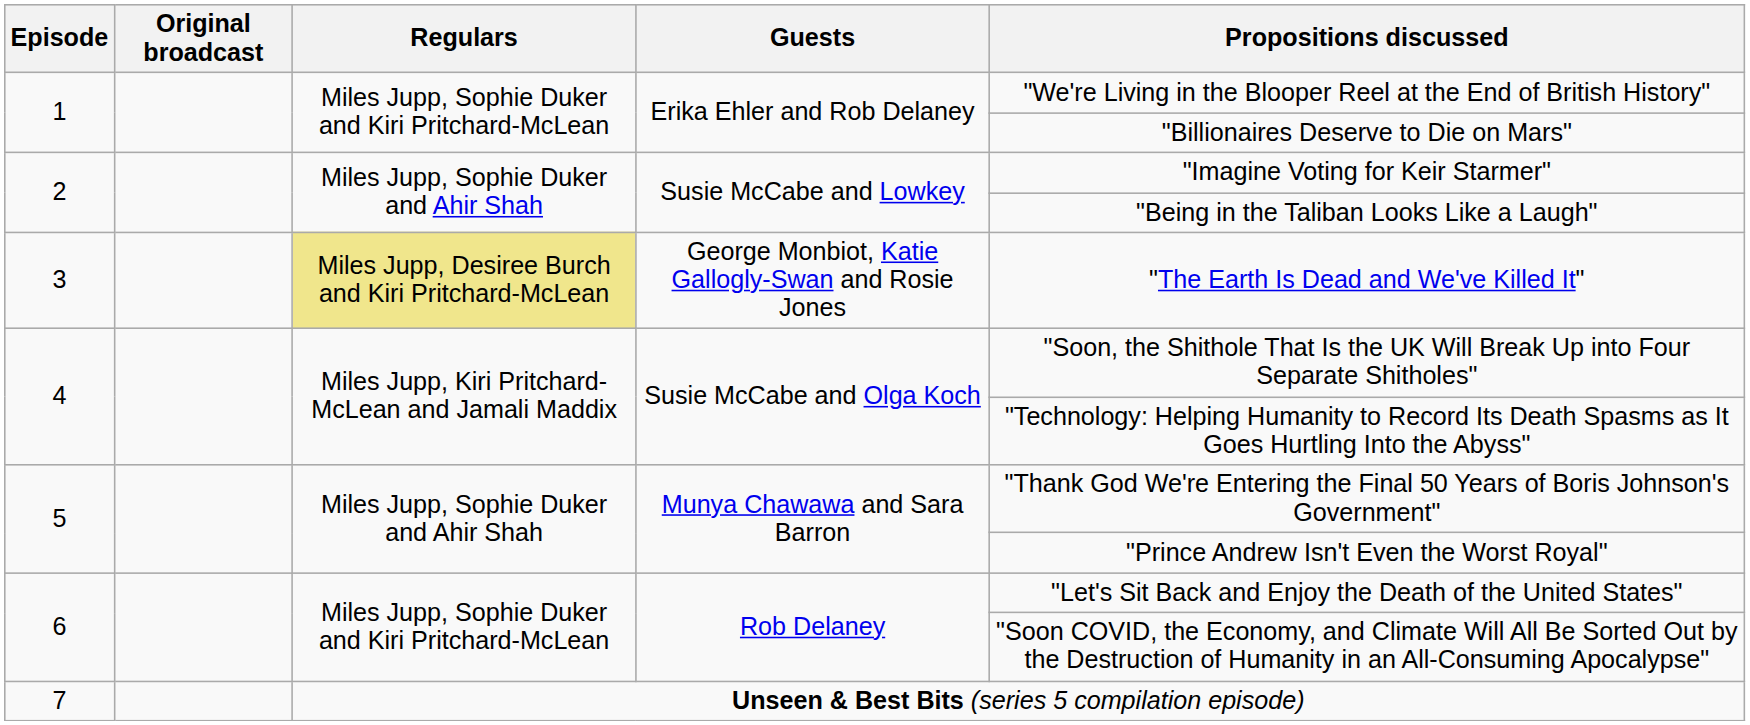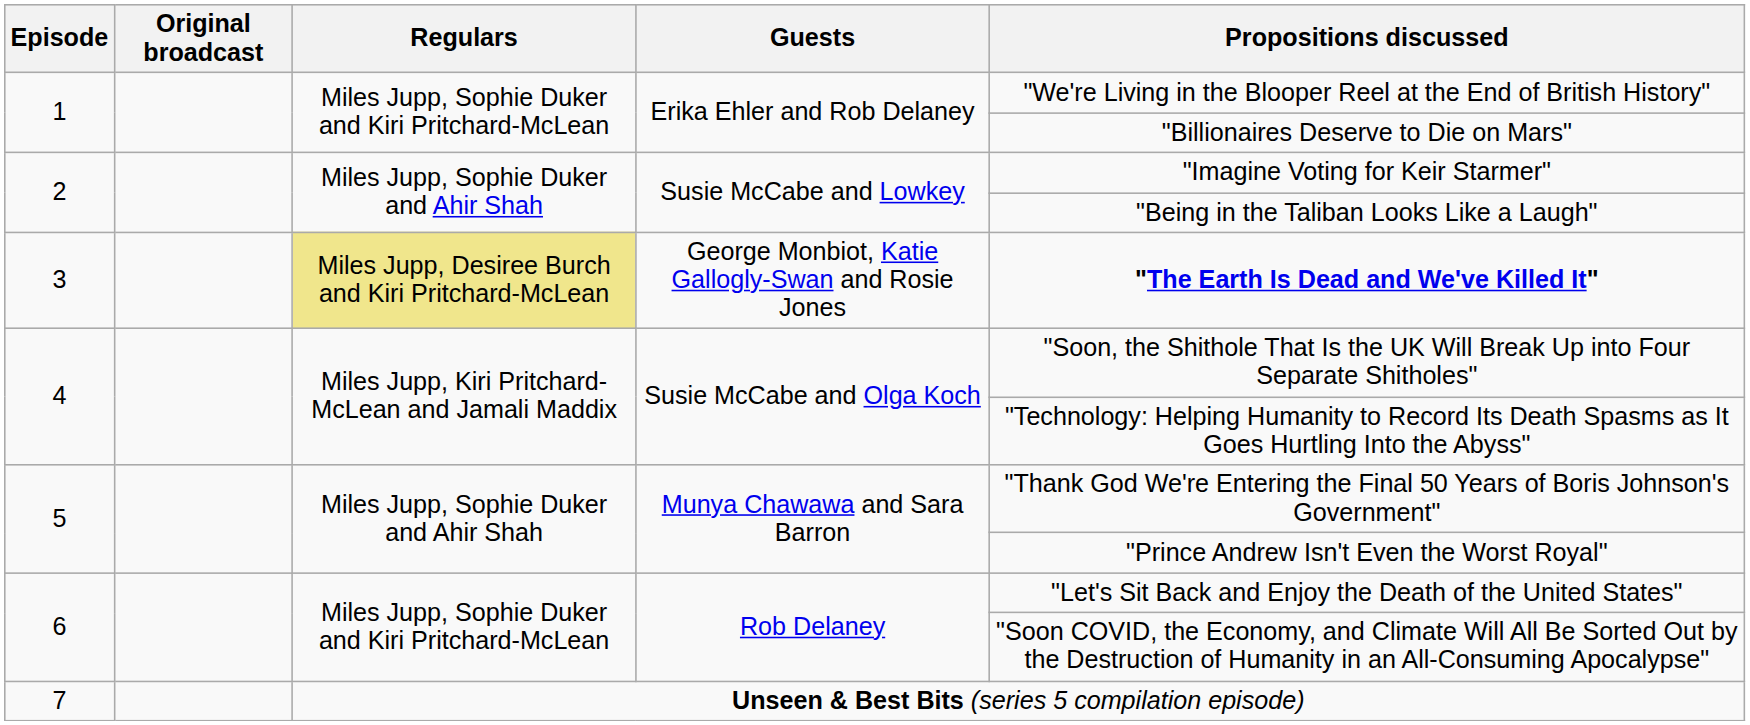 <table class="wikitable" style="text-align:center; width:70%;">
 <tr>
 <th>Episode</th>
 <th>Original broadcast</th>
 <th>Regulars</th>
 <th>Guests</th>
 <th>Propositions discussed</th>
 </tr>
 <tr>
 <td rowspan="2">1</td>
 <td rowspan="2"></td>
 <td rowspan="2">Miles Jupp, Sophie Duker and Kiri Pritchard-McLean</td>
 <td rowspan="2">Erika Ehler and Rob Delaney</td>
 <td>"We're Living in the Blooper Reel at the End of British History"</td>
 </tr>
 <tr>
 <td>"Billionaires Deserve to Die on Mars"</td>
 </tr>
 <tr>
 <td rowspan="2">2</td>
 <td rowspan="2"></td>
 <td rowspan="2">Miles Jupp, Sophie Duker and <a href='#'>Ahir Shah</a></td>
 <td rowspan="2">Susie McCabe and <a href='#'>Lowkey</a></td>
 <td>"Imagine Voting for Keir Starmer"</td>
 </tr>
 <tr>
 <td>"Being in the Taliban Looks Like a Laugh"</td>
 </tr>
 <tr>
 <td>3</td>
 <td></td>
 <td style="background: khaki;">Miles Jupp, Desiree Burch and Kiri Pritchard-McLean</td>
 <td>George Monbiot, <a href='#'>Katie Gallogly-Swan</a> and Rosie Jones</td>
-<td>"<a href='#'>The Earth Is Dead and We've Killed It</a>"</td>
+<td><strong>"<a href='#'>The Earth Is Dead and We've Killed It</a>"</strong></td>
 </tr>
 <tr>
 <td rowspan="2">4</td>
 <td rowspan="2"></td>
 <td rowspan="2">Miles Jupp, Kiri Pritchard-McLean and Jamali Maddix</td>
 <td rowspan="2">Susie McCabe and <a href='#'>Olga Koch</a></td>
 <td>"Soon, the Shithole That Is the UK Will Break Up into Four Separate Shitholes"</td>
 </tr>
 <tr>
 <td>"Technology: Helping Humanity to Record Its Death Spasms as It Goes Hurtling Into the Abyss"</td>
 </tr>
 <tr>
 <td rowspan="2">5</td>
 <td rowspan="2"></td>
 <td rowspan="2">Miles Jupp, Sophie Duker and Ahir Shah</td>
 <td rowspan="2"><a href='#'>Munya Chawawa</a> and Sara Barron</td>
 <td>"Thank God We're Entering the Final 50 Years of Boris Johnson's Government"</td>
 </tr>
 <tr>
 <td>"Prince Andrew Isn't Even the Worst Royal"</td>
 </tr>
 <tr>
 <td rowspan="2">6</td>
 <td rowspan="2"></td>
 <td rowspan="2">Miles Jupp, Sophie Duker and Kiri Pritchard-McLean</td>
 <td rowspan="2"><a href='#'>Rob Delaney</a></td>
 <td>"Let's Sit Back and Enjoy the Death of the United States"</td>
 </tr>
 <tr>
 <td>"Soon COVID, the Economy, and Climate Will All Be Sorted Out by the Destruction of Humanity in an All-Consuming Apocalypse"</td>
 </tr>
 <tr>
 <td>7</td>
 <td></td>
 <td colspan="3"><strong>Unseen & Best Bits</strong> <em>(series 5 compilation episode)</em></td>
 </tr>
 </table>
